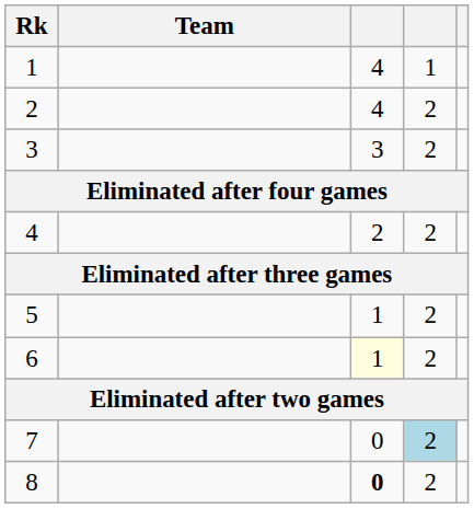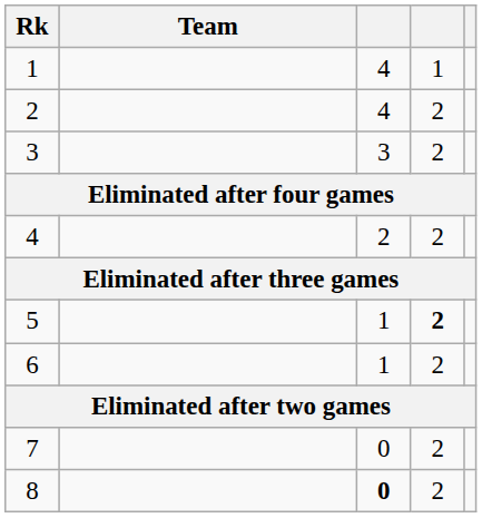 <table class=wikitable style="text-align:center; font-size:95%">
 <tr>
 <th width=25>Rk</th>
 <th width=170>Team</th>
 <th width=25></th>
 <th width=25></th>
 <th colspan=2></th>
 </tr>
 <tr>
 <td>1</td>
 <td align=left></td>
 <td>4</td>
 <td>1</td>
 <td colspan=2></td>
 </tr>
 <tr>
 <td>2</td>
 <td align=left></td>
 <td>4</td>
 <td>2</td>
 <td colspan=2></td>
 </tr>
 <tr>
 <td>3</td>
 <td align=left></td>
 <td>3</td>
 <td>2</td>
 <td colspan=2></td>
 </tr>
 <tr>
 <th colspan="8">Eliminated after four games</th>
 </tr>
 <tr>
 <td>4</td>
 <td align=left></td>
 <td>2</td>
 <td>2</td>
 <td></td>
 </tr>
 <tr>
 <th colspan="8">Eliminated after three games</th>
 </tr>
 <tr>
 <td>5</td>
 <td align=left></td>
 <td>1</td>
-<td>2</td>
+<td><strong>2</strong></td>
 <td></td>
 </tr>
 <tr>
 <td>6</td>
 <td align=left></td>
-<td style="background: lightyellow;">1</td>
+<td>1</td>
 <td>2</td>
 <td></td>
 </tr>
 <tr>
 <th colspan="8">Eliminated after two games</th>
 </tr>
 <tr>
 <td>7</td>
 <td align=left></td>
 <td>0</td>
-<td style="background: lightblue;">2</td>
+<td>2</td>
 <td></td>
 </tr>
 <tr>
 <td>8</td>
 <td align=left></td>
 <td><strong>0</strong></td>
 <td>2</td>
 <td></td>
 </tr>
 </table>
